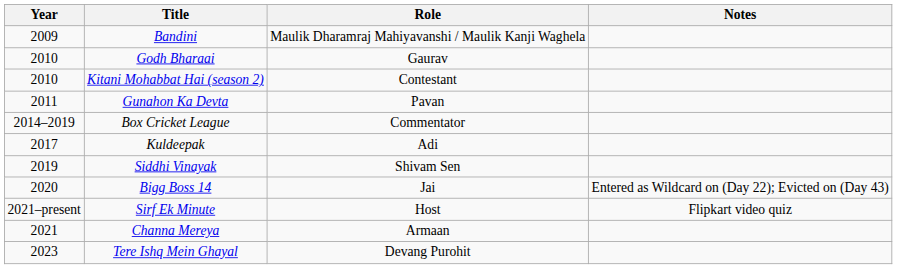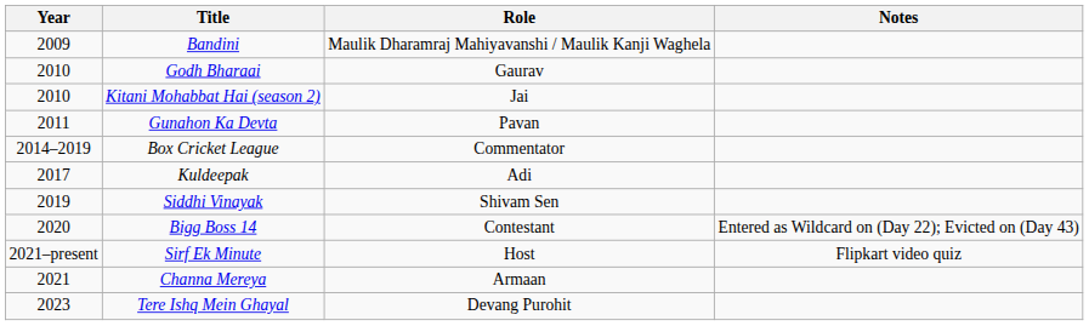 <table class="wikitable" style="text-align:center">
 <tr>
 <th>Year</th>
 <th>Title</th>
 <th>Role</th>
 <th>Notes</th>
 </tr>
 <tr>
 <td>2009</td>
 <td><em><a href='#'>Bandini</a></em></td>
 <td>Maulik Dharamraj Mahiyavanshi / Maulik Kanji Waghela</td>
 <td></td>
 </tr>
 <tr>
 <td>2010</td>
 <td><em><a href='#'>Godh Bharaai</a></em></td>
 <td>Gaurav</td>
 <td></td>
 </tr>
 <tr>
 <td>2010</td>
 <td><em><a href='#'>Kitani Mohabbat Hai (season 2)</a></em></td>
-<td>Contestant</td>
+<td>Jai</td>
 <td></td>
 </tr>
 <tr>
 <td>2011</td>
 <td><em><a href='#'>Gunahon Ka Devta</a></em></td>
 <td>Pavan</td>
 <td></td>
 </tr>
 <tr>
 <td>2014–2019</td>
 <td><em>Box Cricket League</em></td>
 <td>Commentator</td>
 <td></td>
 </tr>
 <tr>
 <td>2017</td>
 <td><em>Kuldeepak</em></td>
 <td>Adi</td>
 <td></td>
 </tr>
 <tr>
 <td>2019</td>
 <td><em><a href='#'>Siddhi Vinayak</a></em></td>
 <td>Shivam Sen</td>
 <td></td>
 </tr>
 <tr>
 <td>2020</td>
 <td><em><a href='#'>Bigg Boss 14</a></em></td>
-<td>Jai</td>
+<td>Contestant</td>
 <td>Entered as Wildcard on (Day 22); Evicted on (Day 43)</td>
 </tr>
 <tr>
 <td>2021–present</td>
 <td><em><a href='#'>Sirf Ek Minute</a></em></td>
 <td>Host</td>
 <td>Flipkart video quiz</td>
 </tr>
 <tr>
 <td>2021</td>
 <td><em><a href='#'>Channa Mereya</a></em></td>
 <td>Armaan</td>
 <td></td>
 </tr>
 <tr>
 <td>2023</td>
 <td><em><a href='#'>Tere Ishq Mein Ghayal</a></em></td>
 <td>Devang Purohit</td>
 <td></td>
 </tr>
 </table>
